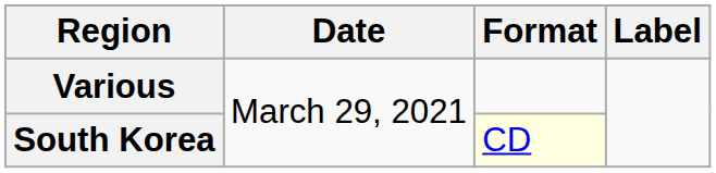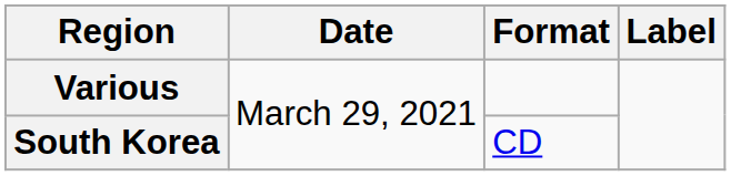 <table class="wikitable plainrowheaders">
 <tr>
 <th>Region</th>
 <th>Date</th>
 <th>Format</th>
 <th>Label</th>
 </tr>
 <tr>
 <th scope="row">Various</th>
 <td rowspan="2">March 29, 2021</td>
 <td></td>
 <td rowspan="2"></td>
 </tr>
 <tr>
 <th scope="row">South Korea</th>
-<td style="background: lightyellow;"><a href='#'>CD</a></td>
+<td><a href='#'>CD</a></td>
 </tr>
 </table>
